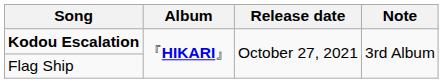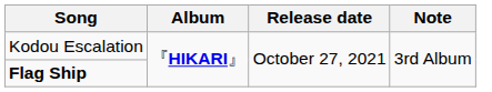 <table class="wikitable">
 <tr>
 <th>Song</th>
 <th>Album</th>
 <th>Release date</th>
 <th>Note</th>
 </tr>
 <tr>
-<td><strong>Kodou Escalation</strong></td>
+<td>Kodou Escalation</td>
 <td rowspan="2">『<strong><a href='#'>HIKARI</a></strong>』</td>
 <td rowspan="2">October 27, 2021</td>
 <td rowspan="2">3rd Album</td>
 </tr>
 <tr>
-<td>Flag Ship</td>
+<td><strong>Flag Ship</strong></td>
 </tr>
 </table>
